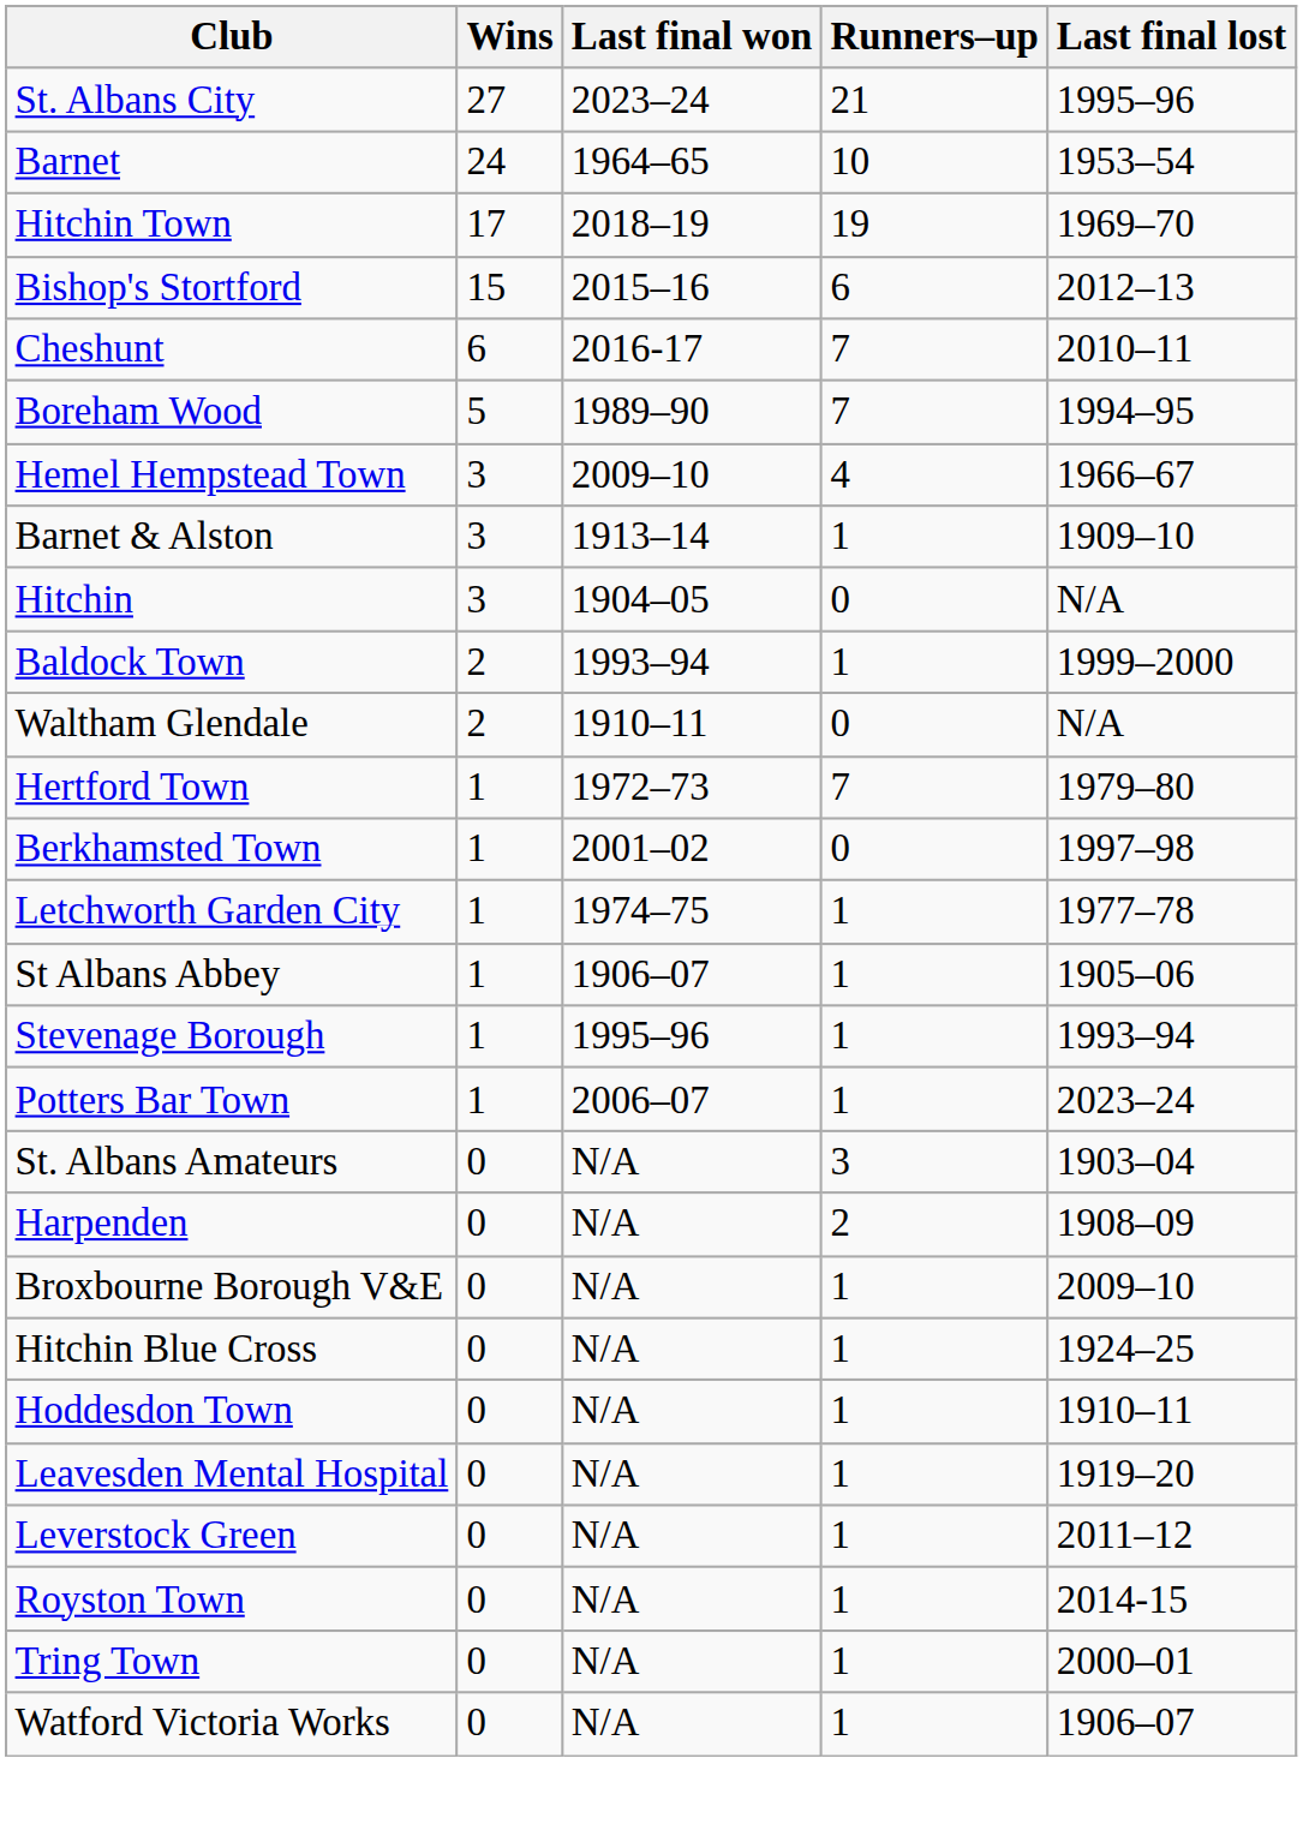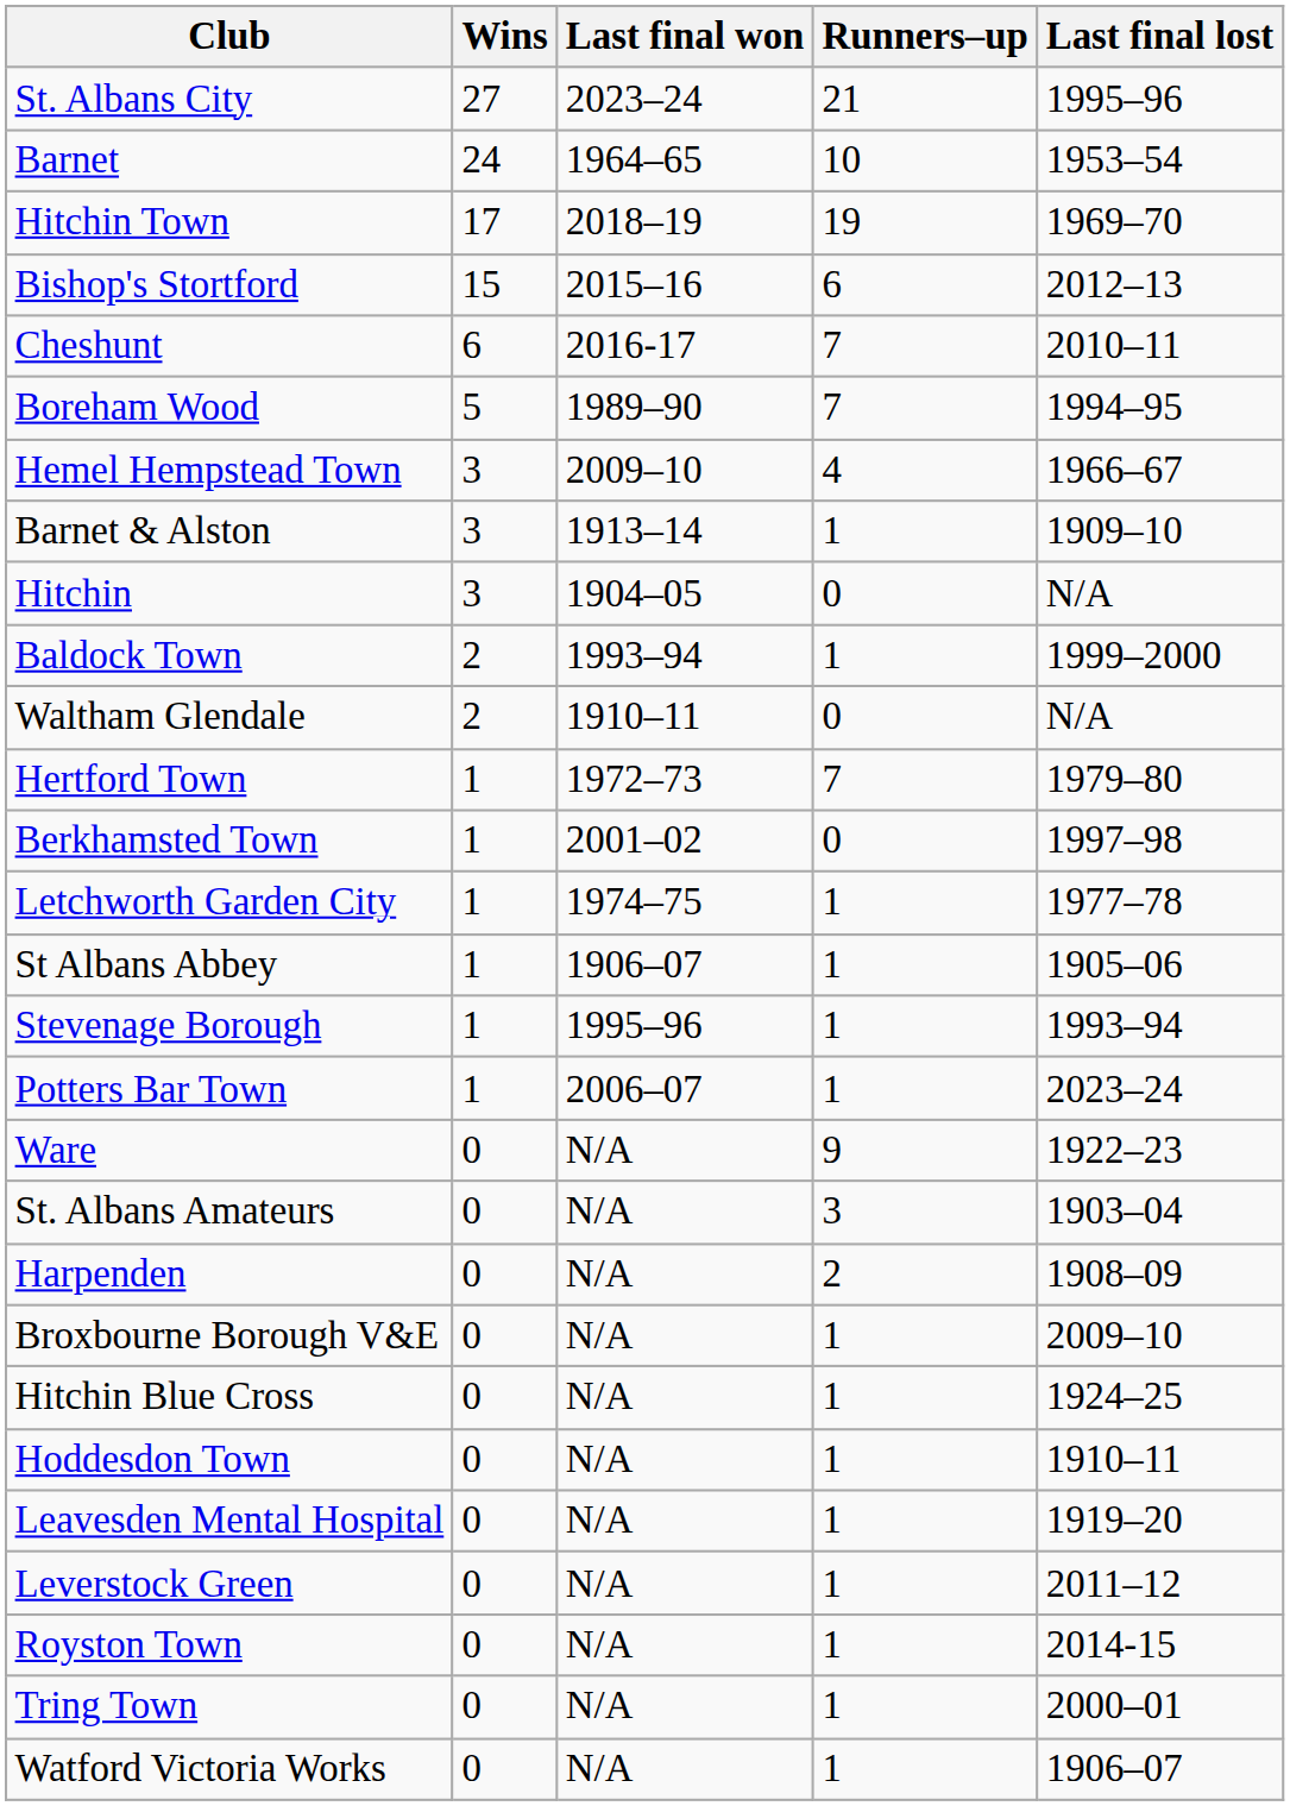 <table class="wikitable sortable" style="text–align: center;">
 <tr>
 <th>Club</th>
 <th>Wins</th>
 <th>Last final won</th>
 <th>Runners–up</th>
 <th>Last final lost</th>
 </tr>
 <tr>
 <td align=left><a href='#'>St. Albans City</a></td>
 <td>27</td>
 <td>2023–24</td>
 <td>21</td>
 <td>1995–96</td>
 </tr>
 <tr>
 <td align=left><a href='#'>Barnet</a></td>
 <td>24</td>
 <td>1964–65</td>
 <td>10</td>
 <td>1953–54</td>
 </tr>
 <tr>
 <td align=left><a href='#'>Hitchin Town</a></td>
 <td>17</td>
 <td>2018–19</td>
 <td>19</td>
 <td>1969–70</td>
 </tr>
 <tr>
 <td align=left><a href='#'>Bishop's Stortford</a></td>
 <td>15</td>
 <td>2015–16</td>
 <td>6</td>
 <td>2012–13</td>
 </tr>
 <tr>
 <td align=left><a href='#'>Cheshunt</a></td>
 <td>6</td>
 <td>2016-17</td>
 <td>7</td>
 <td>2010–11</td>
 </tr>
 <tr>
 <td align=left><a href='#'>Boreham Wood</a></td>
 <td>5</td>
 <td>1989–90</td>
 <td>7</td>
 <td>1994–95</td>
 </tr>
 <tr>
 <td align=left><a href='#'>Hemel Hempstead Town</a></td>
 <td>3</td>
 <td>2009–10</td>
 <td>4</td>
 <td>1966–67</td>
 </tr>
 <tr>
 <td align=left>Barnet & Alston</td>
 <td>3</td>
 <td>1913–14</td>
 <td>1</td>
 <td>1909–10</td>
 </tr>
 <tr>
 <td align=left><a href='#'>Hitchin</a></td>
 <td>3</td>
 <td>1904–05</td>
 <td>0</td>
 <td>N/A</td>
 </tr>
 <tr>
 <td align=left><a href='#'>Baldock Town</a></td>
 <td>2</td>
 <td>1993–94</td>
 <td>1</td>
 <td>1999–2000</td>
 </tr>
 <tr>
 <td align=left>Waltham Glendale</td>
 <td>2</td>
 <td>1910–11</td>
 <td>0</td>
 <td>N/A</td>
 </tr>
 <tr>
 <td align=left><a href='#'>Hertford Town</a></td>
 <td>1</td>
 <td>1972–73</td>
 <td>7</td>
 <td>1979–80</td>
 </tr>
 <tr>
 <td align=left><a href='#'>Berkhamsted Town</a></td>
 <td>1</td>
 <td>2001–02</td>
 <td>0</td>
 <td>1997–98</td>
 </tr>
 <tr>
 <td align=left><a href='#'>Letchworth Garden City</a></td>
 <td>1</td>
 <td>1974–75</td>
 <td>1</td>
 <td>1977–78</td>
 </tr>
 <tr>
 <td align=left>St Albans Abbey</td>
 <td>1</td>
 <td>1906–07</td>
 <td>1</td>
 <td>1905–06</td>
 </tr>
 <tr>
 <td align=left><a href='#'>Stevenage Borough</a></td>
 <td>1</td>
 <td>1995–96</td>
 <td>1</td>
 <td>1993–94</td>
 </tr>
 <tr>
 <td align=left><a href='#'>Potters Bar Town</a></td>
 <td>1</td>
 <td>2006–07</td>
 <td>1</td>
 <td>2023–24</td>
 </tr>
 <tr>
+<td align=left><a href='#'>Ware</a></td>
+<td>0</td>
+<td>N/A</td>
+<td>9</td>
+<td>1922–23</td>
+</tr>
+<tr>
 <td align=left>St. Albans Amateurs</td>
 <td>0</td>
 <td>N/A</td>
 <td>3</td>
 <td>1903–04</td>
 </tr>
 <tr>
 <td align=left><a href='#'>Harpenden</a></td>
 <td>0</td>
 <td>N/A</td>
 <td>2</td>
 <td>1908–09</td>
 </tr>
 <tr>
 <td align=left>Broxbourne Borough V&E</td>
 <td>0</td>
 <td>N/A</td>
 <td>1</td>
 <td>2009–10</td>
 </tr>
 <tr>
 <td align=left>Hitchin Blue Cross</td>
 <td>0</td>
 <td>N/A</td>
 <td>1</td>
 <td>1924–25</td>
 </tr>
 <tr>
 <td align=left><a href='#'>Hoddesdon Town</a></td>
 <td>0</td>
 <td>N/A</td>
 <td>1</td>
 <td>1910–11</td>
 </tr>
 <tr>
 <td align=left><a href='#'>Leavesden Mental Hospital</a></td>
 <td>0</td>
 <td>N/A</td>
 <td>1</td>
 <td>1919–20</td>
 </tr>
 <tr>
 <td align=left><a href='#'>Leverstock Green</a></td>
 <td>0</td>
 <td>N/A</td>
 <td>1</td>
 <td>2011–12</td>
 </tr>
 <tr>
 <td align=left><a href='#'>Royston Town</a></td>
 <td>0</td>
 <td>N/A</td>
 <td>1</td>
 <td>2014-15</td>
 </tr>
 <tr>
 <td align=left><a href='#'>Tring Town</a></td>
 <td>0</td>
 <td>N/A</td>
 <td>1</td>
 <td>2000–01</td>
 </tr>
 <tr>
 <td align=left>Watford Victoria Works</td>
 <td>0</td>
 <td>N/A</td>
 <td>1</td>
 <td>1906–07</td>
 </tr>
 </table>
